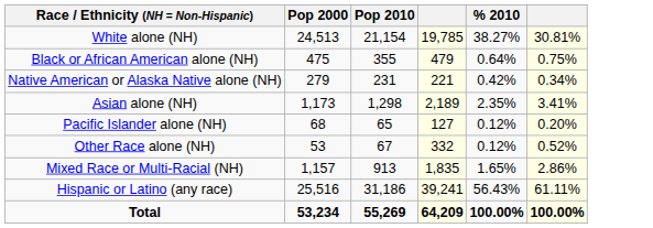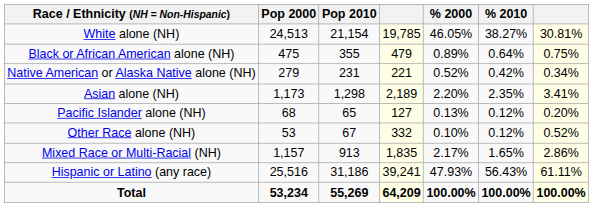 <table class="wikitable" style="text-align:center;">
 <tr>
 <th>Race / Ethnicity <small>(<em>NH = Non-Hispanic</em>)</small></th>
 <th>Pop 2000</th>
 <th>Pop 2010</th>
 <th></th>
+<th>% 2000</th>
 <th>% 2010</th>
 <th></th>
 </tr>
 <tr>
 <td><a href='#'>White</a> alone (NH)</td>
 <td>24,513</td>
 <td>21,154</td>
 <td style='background: #ffffe6;'>19,785</td>
+<td>46.05%</td>
 <td>38.27%</td>
 <td style='background: #ffffe6;'>30.81%</td>
 </tr>
 <tr>
 <td><a href='#'>Black or African American</a> alone (NH)</td>
 <td>475</td>
 <td>355</td>
 <td style='background: #ffffe6;'>479</td>
+<td>0.89%</td>
 <td>0.64%</td>
 <td style='background: #ffffe6;'>0.75%</td>
 </tr>
 <tr>
 <td><a href='#'>Native American</a> or <a href='#'>Alaska Native</a> alone (NH)</td>
 <td>279</td>
 <td>231</td>
 <td style='background: #ffffe6;'>221</td>
+<td>0.52%</td>
 <td>0.42%</td>
 <td style='background: #ffffe6;'>0.34%</td>
 </tr>
 <tr>
 <td><a href='#'>Asian</a> alone (NH)</td>
 <td>1,173</td>
 <td>1,298</td>
 <td style='background: #ffffe6;'>2,189</td>
+<td>2.20%</td>
 <td>2.35%</td>
 <td style='background: #ffffe6;'>3.41%</td>
 </tr>
 <tr>
 <td><a href='#'>Pacific Islander</a> alone (NH)</td>
 <td>68</td>
 <td>65</td>
 <td style='background: #ffffe6;'>127</td>
+<td>0.13%</td>
 <td>0.12%</td>
 <td style='background: #ffffe6;'>0.20%</td>
 </tr>
 <tr>
 <td><a href='#'>Other Race</a> alone (NH)</td>
 <td>53</td>
 <td>67</td>
 <td style='background: #ffffe6;'>332</td>
+<td>0.10%</td>
 <td>0.12%</td>
 <td style='background: #ffffe6;'>0.52%</td>
 </tr>
 <tr>
 <td><a href='#'>Mixed Race or Multi-Racial</a> (NH)</td>
 <td>1,157</td>
 <td>913</td>
 <td style='background: #ffffe6;'>1,835</td>
+<td>2.17%</td>
 <td>1.65%</td>
 <td style='background: #ffffe6;'>2.86%</td>
 </tr>
 <tr>
 <td><a href='#'>Hispanic or Latino</a> (any race)</td>
 <td>25,516</td>
 <td>31,186</td>
 <td style='background: #ffffe6;'>39,241</td>
+<td>47.93%</td>
 <td>56.43%</td>
 <td style='background: #ffffe6;'>61.11%</td>
 </tr>
 <tr>
 <td><strong>Total</strong></td>
 <td><strong>53,234</strong></td>
 <td><strong>55,269</strong></td>
 <td style='background: #ffffe6;'><strong>64,209</strong></td>
 <td><strong>100.00%</strong></td>
+<td><strong>100.00%</strong></td>
 <td style='background: #ffffe6;'><strong>100.00%</strong></td>
 </tr>
 </table>
